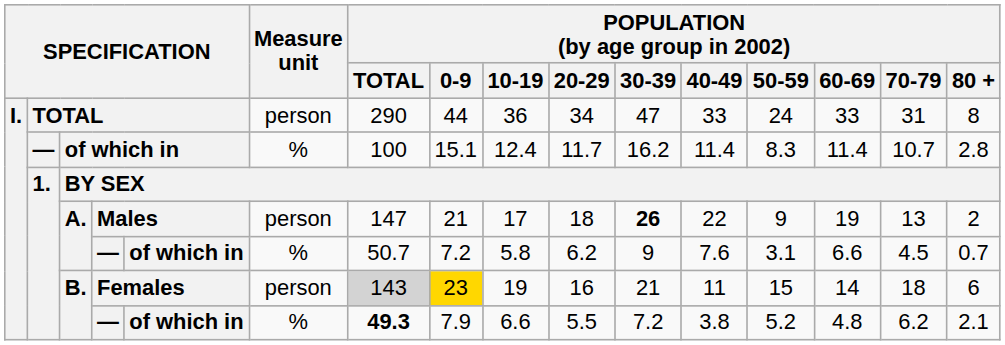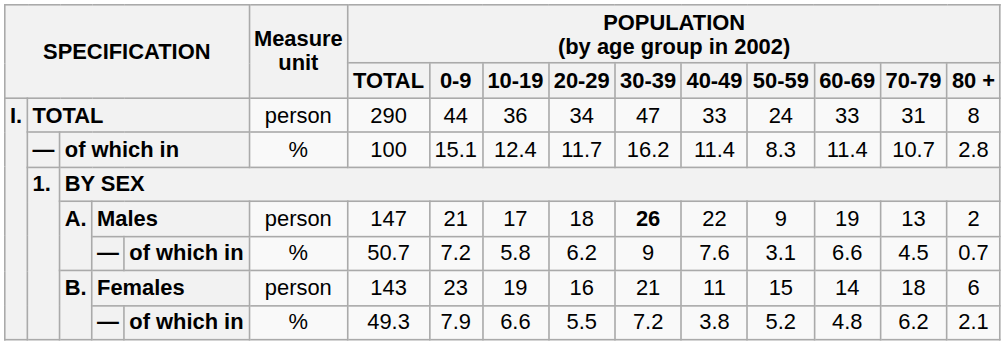 <table class="wikitable" style="font-size:85%; text-align:center">
 <tr>
 <th rowspan="2" colspan="5">SPECIFICATION</th>
 <th rowspan="2">Measure<br> unit</th>
 <th colspan="10" rowspan="1">POPULATION<br> (by age group in 2002)</th>
 </tr>
 <tr>
 <th>TOTAL</th>
 <th>0-9</th>
 <th>10-19</th>
 <th>20-29</th>
 <th>30-39</th>
 <th>40-49</th>
 <th>50-59</th>
 <th>60-69</th>
 <th>70-79</th>
 <th>80 +</th>
 </tr>
 <tr>
 <th style="text-align:left" valign="top" rowspan="7">I.</th>
 <th style="text-align:left" colspan="4">TOTAL</th>
 <td>person</td>
 <td>290</td>
 <td>44</td>
 <td>36</td>
 <td>34</td>
 <td>47</td>
 <td>33</td>
 <td>24</td>
 <td>33</td>
 <td>31</td>
 <td>8</td>
 </tr>
 <tr>
 <th style="text-align:left" valign="top">—</th>
 <th style="text-align:left" colspan="3">of which in</th>
 <td>%</td>
 <td>100</td>
 <td>15.1</td>
 <td>12.4</td>
 <td>11.7</td>
 <td>16.2</td>
 <td>11.4</td>
 <td>8.3</td>
 <td>11.4</td>
 <td>10.7</td>
 <td>2.8</td>
 </tr>
 <tr>
 <th style="text-align:left" valign="top" rowspan="5">1.</th>
 <th style="text-align:left" colspan="14">BY SEX</th>
 </tr>
 <tr>
 <th style="text-align:left" valign="top" rowspan="2">A.</th>
 <th style="text-align:left" colspan="2">Males</th>
 <td>person</td>
 <td>147</td>
 <td>21</td>
 <td>17</td>
 <td>18</td>
 <td><strong>26</strong></td>
 <td>22</td>
 <td>9</td>
 <td>19</td>
 <td>13</td>
 <td>2</td>
 </tr>
 <tr>
 <th style="text-align:left" valign="top">—</th>
 <th style="text-align:left" colspan="1">of which in</th>
 <td>%</td>
 <td>50.7</td>
 <td>7.2</td>
 <td>5.8</td>
 <td>6.2</td>
 <td>9</td>
 <td>7.6</td>
 <td>3.1</td>
 <td>6.6</td>
 <td>4.5</td>
 <td>0.7</td>
 </tr>
 <tr>
 <th style="text-align:left" valign="top" rowspan="2">B.</th>
 <th style="text-align:left" colspan="2">Females</th>
 <td>person</td>
-<td style="background: lightgrey;">143</td>
-<td style="background: gold;">23</td>
+<td>143</td>
+<td>23</td>
 <td>19</td>
 <td>16</td>
 <td>21</td>
 <td>11</td>
 <td>15</td>
 <td>14</td>
 <td>18</td>
 <td>6</td>
 </tr>
 <tr>
 <th style="text-align:left" valign="top">—</th>
 <th style="text-align:left" colspan="1">of which in</th>
 <td>%</td>
-<td><strong>49.3</strong></td>
+<td>49.3</td>
 <td>7.9</td>
 <td>6.6</td>
 <td>5.5</td>
 <td>7.2</td>
 <td>3.8</td>
 <td>5.2</td>
 <td>4.8</td>
 <td>6.2</td>
 <td>2.1</td>
 </tr>
 </table>
